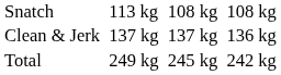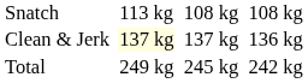 <table>
 <tr>
 <td>Snatch</td>
 <td></td>
 <td>113 kg</td>
 <td></td>
 <td>108 kg</td>
 <td></td>
 <td>108 kg</td>
 </tr>
 <tr>
 <td>Clean & Jerk</td>
 <td></td>
-<td>137 kg</td>
+<td style="background: lightyellow;">137 kg</td>
 <td></td>
 <td>137 kg</td>
 <td></td>
 <td>136 kg</td>
 </tr>
 <tr>
 <td>Total</td>
 <td></td>
 <td>249 kg</td>
 <td></td>
 <td>245 kg</td>
 <td></td>
 <td>242 kg</td>
 </tr>
 </table>
